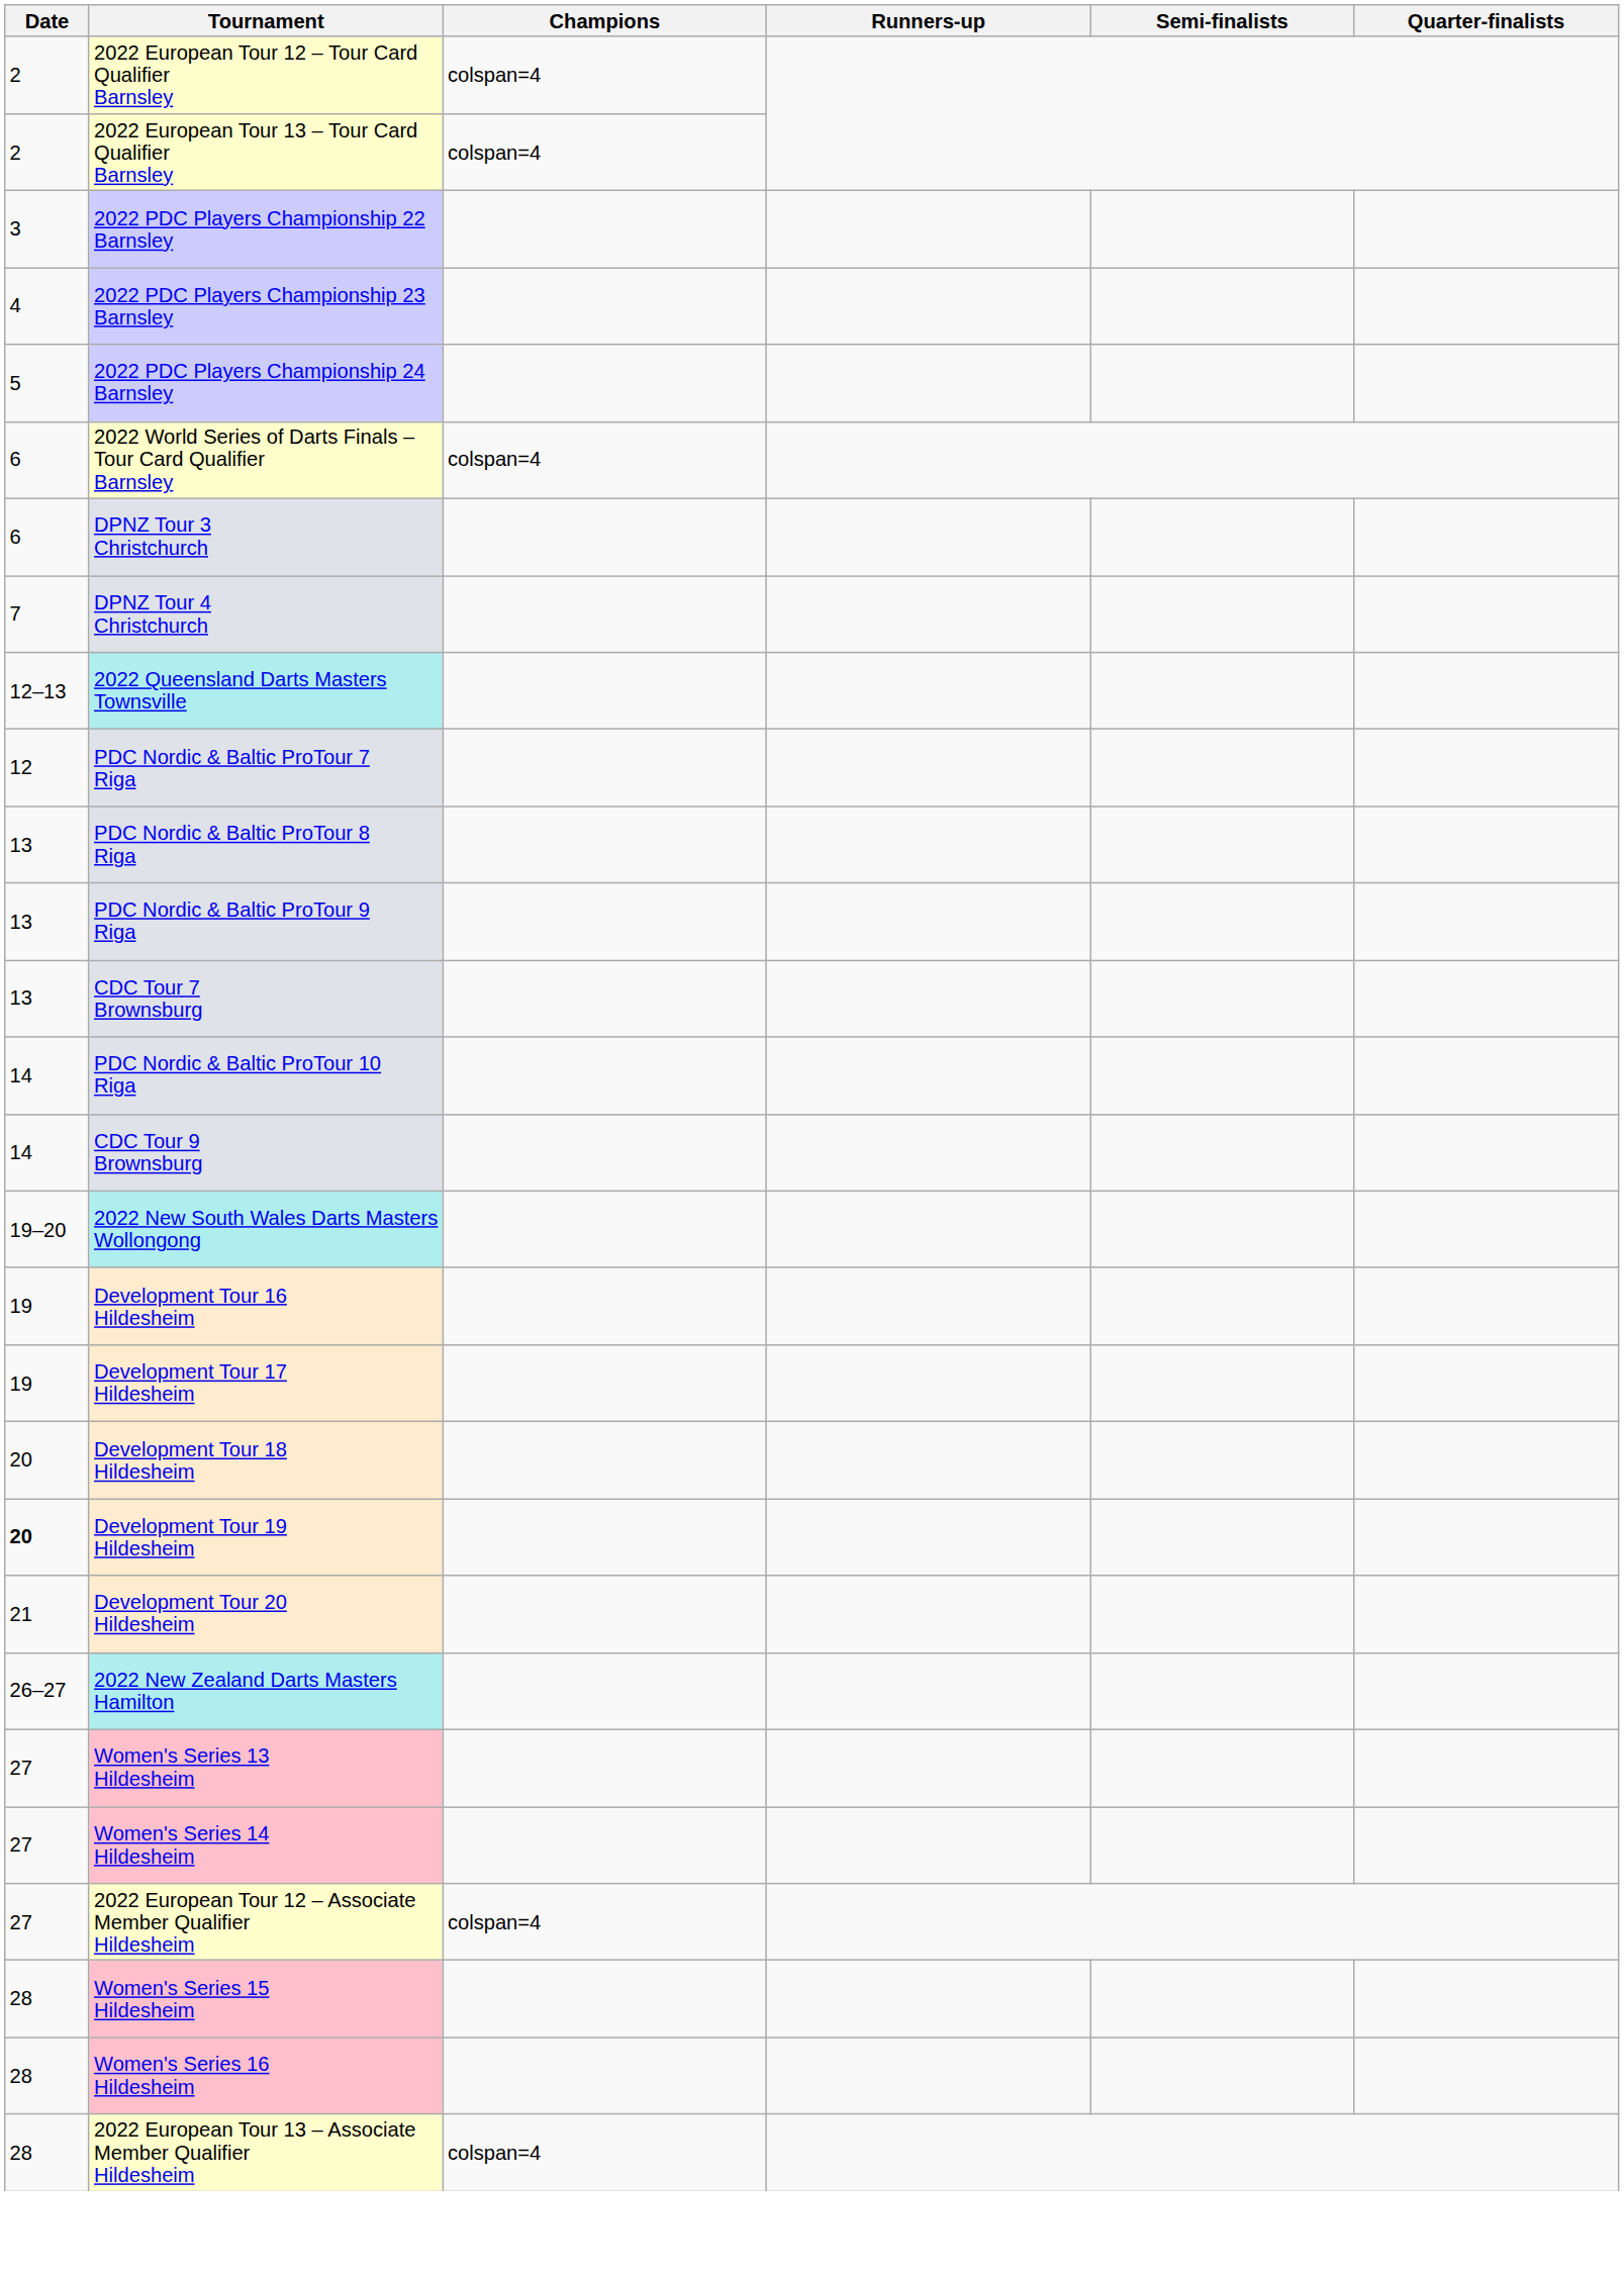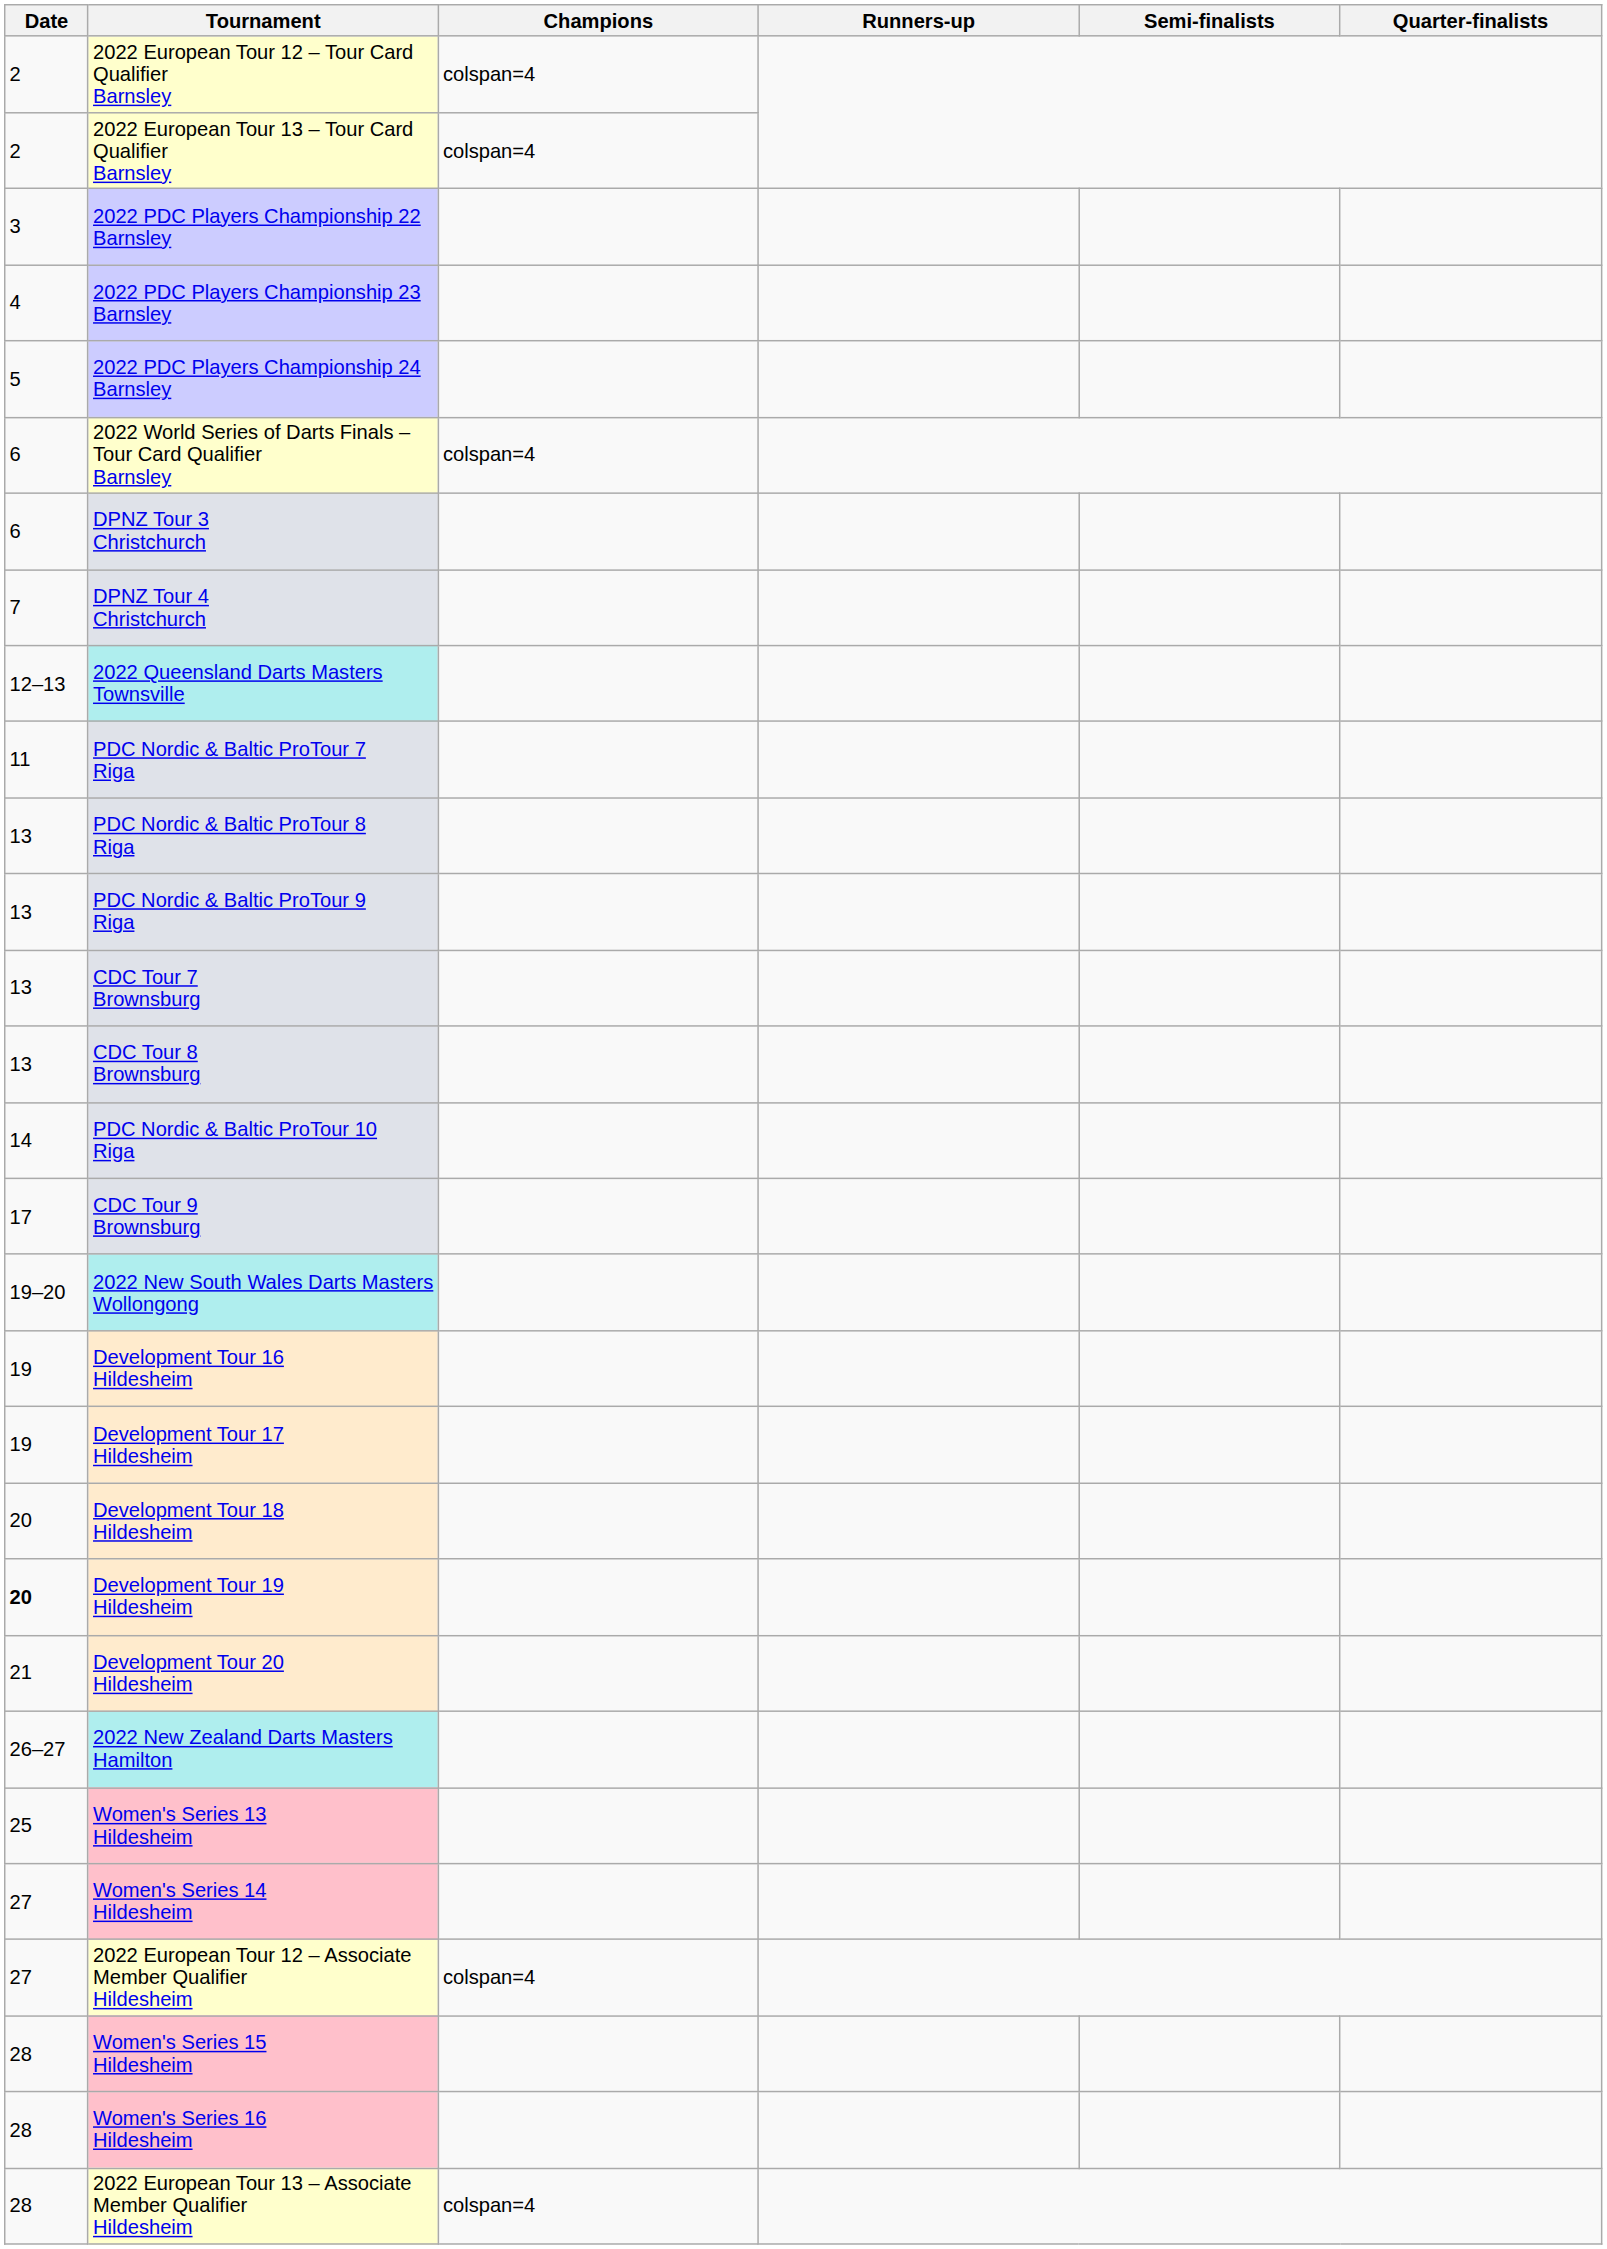 <table class=wikitable style=font-size:85%>
 <tr>
 <th width=50>Date</th>
 <th width=230>Tournament</th>
 <th width=210>Champions</th>
 <th width=210>Runners-up</th>
 <th width=170>Semi-finalists</th>
 <th width=170>Quarter-finalists</th>
 </tr>
 <tr>
 <td>2</td>
 <td bgcolor="ffffcc">2022 European Tour 12 – Tour Card Qualifier <br> <a href='#'>Barnsley</a></td>
 <td>colspan=4 </td>
 </tr>
 <tr>
 <td>2</td>
 <td bgcolor="ffffcc">2022 European Tour 13 – Tour Card Qualifier <br> <a href='#'>Barnsley</a></td>
 <td>colspan=4 </td>
 </tr>
 <tr>
 <td>3</td>
 <td bgcolor="#ccccff"><a href='#'>2022 PDC Players Championship 22</a> <br>  <a href='#'>Barnsley</a></td>
 <td></td>
 <td></td>
 <td> <br> </td>
 <td> <br>  <br>  <br> </td>
 </tr>
 <tr>
 <td>4</td>
 <td bgcolor="#ccccff"><a href='#'>2022 PDC Players Championship 23</a> <br>  <a href='#'>Barnsley</a></td>
 <td></td>
 <td></td>
 <td> <br> </td>
 <td> <br>  <br>  <br> </td>
 </tr>
 <tr>
 <td>5</td>
 <td bgcolor="#ccccff"><a href='#'>2022 PDC Players Championship 24</a> <br>  <a href='#'>Barnsley</a></td>
 <td></td>
 <td></td>
 <td> <br> </td>
 <td> <br>  <br>  <br> </td>
 </tr>
 <tr>
 <td>6</td>
 <td bgcolor="ffffcc">2022 World Series of Darts Finals – Tour Card Qualifier <br> <a href='#'>Barnsley</a></td>
 <td>colspan=4 </td>
 </tr>
 <tr>
 <td>6</td>
 <td bgcolor="#dfe2e9"><a href='#'>DPNZ Tour 3</a> <br>  <a href='#'>Christchurch</a></td>
 <td></td>
 <td></td>
 <td> <br> </td>
 <td> <br>  <br>  <br> </td>
 </tr>
 <tr>
 <td>7</td>
 <td bgcolor="#dfe2e9"><a href='#'>DPNZ Tour 4</a> <br>  <a href='#'>Christchurch</a></td>
 <td></td>
 <td></td>
 <td> <br> </td>
 <td> <br>  <br>  <br> </td>
 </tr>
 <tr>
 <td>12–13</td>
 <td bgcolor="#afeeee"><a href='#'>2022 Queensland Darts Masters</a> <br>  <a href='#'>Townsville</a></td>
 <td></td>
 <td></td>
 <td> <br> </td>
 <td> <br>  <br>  <br> </td>
 </tr>
 <tr>
-<td>12</td>
+<td>11</td>
 <td bgcolor="#dfe2e9"><a href='#'>PDC Nordic & Baltic ProTour 7</a> <br>  <a href='#'>Riga</a></td>
 <td></td>
 <td></td>
 <td> <br> </td>
 <td> <br>  <br>  <br> </td>
 </tr>
 <tr>
 <td>13</td>
 <td bgcolor="#dfe2e9"><a href='#'>PDC Nordic & Baltic ProTour 8</a> <br>  <a href='#'>Riga</a></td>
 <td></td>
 <td></td>
 <td> <br> </td>
 <td> <br>  <br>  <br> </td>
 </tr>
 <tr>
 <td>13</td>
 <td bgcolor="#dfe2e9"><a href='#'>PDC Nordic & Baltic ProTour 9</a> <br>  <a href='#'>Riga</a></td>
 <td></td>
 <td></td>
 <td> <br> </td>
 <td> <br>  <br>  <br> </td>
 </tr>
 <tr>
 <td>13</td>
 <td bgcolor="#dfe2e9"><a href='#'>CDC Tour 7</a> <br>  <a href='#'>Brownsburg</a></td>
 <td></td>
 <td></td>
 <td> <br> </td>
 <td> <br>  <br>  <br> </td>
 </tr>
 <tr>
+<td>13</td>
+<td bgcolor="#dfe2e9"><a href='#'>CDC Tour 8</a> <br>  <a href='#'>Brownsburg</a></td>
+<td></td>
+<td></td>
+<td> <br> </td>
+<td> <br>  <br>  <br> </td>
+</tr>
+<tr>
 <td>14</td>
 <td bgcolor="#dfe2e9"><a href='#'>PDC Nordic & Baltic ProTour 10</a> <br>  <a href='#'>Riga</a></td>
 <td></td>
 <td></td>
 <td> <br> </td>
 <td> <br>  <br>  <br> </td>
 </tr>
 <tr>
-<td>14</td>
+<td>17</td>
 <td bgcolor="#dfe2e9"><a href='#'>CDC Tour 9</a> <br>  <a href='#'>Brownsburg</a></td>
 <td></td>
 <td></td>
 <td> <br> </td>
 <td> <br>  <br>  <br> </td>
 </tr>
 <tr>
 <td>19–20</td>
 <td bgcolor="#afeeee"><a href='#'>2022 New South Wales Darts Masters</a> <br>  <a href='#'>Wollongong</a></td>
 <td></td>
 <td></td>
 <td> <br> </td>
 <td> <br>  <br>  <br> </td>
 </tr>
 <tr>
 <td>19</td>
 <td bgcolor="#ffebcd"><a href='#'>Development Tour 16</a> <br>  <a href='#'>Hildesheim</a></td>
 <td></td>
 <td></td>
 <td> <br> </td>
 <td> <br>  <br>  <br> </td>
 </tr>
 <tr>
 <td>19</td>
 <td bgcolor="#ffebcd"><a href='#'>Development Tour 17</a> <br>  <a href='#'>Hildesheim</a></td>
 <td></td>
 <td></td>
 <td> <br> </td>
 <td> <br>  <br>  <br> </td>
 </tr>
 <tr>
 <td>20</td>
 <td bgcolor="#ffebcd"><a href='#'>Development Tour 18</a> <br>  <a href='#'>Hildesheim</a></td>
 <td></td>
 <td></td>
 <td> <br> </td>
 <td> <br>  <br>  <br> </td>
 </tr>
 <tr>
 <td><strong>20</strong></td>
 <td bgcolor="#ffebcd"><a href='#'>Development Tour 19</a> <br>  <a href='#'>Hildesheim</a></td>
 <td></td>
 <td></td>
 <td> <br> </td>
 <td> <br>  <br>  <br> </td>
 </tr>
 <tr>
 <td>21</td>
 <td bgcolor="#ffebcd"><a href='#'>Development Tour 20</a> <br>  <a href='#'>Hildesheim</a></td>
 <td></td>
 <td></td>
 <td> <br> </td>
 <td> <br>  <br>  <br> </td>
 </tr>
 <tr>
 <td>26–27</td>
 <td bgcolor="#afeeee"><a href='#'>2022 New Zealand Darts Masters</a> <br>  <a href='#'>Hamilton</a></td>
 <td></td>
 <td></td>
 <td> <br> </td>
 <td> <br>  <br>  <br> </td>
 </tr>
 <tr>
-<td>27</td>
+<td>25</td>
 <td bgcolor="#ffc0cb"><a href='#'>Women's Series 13</a> <br>  <a href='#'>Hildesheim</a></td>
 <td></td>
 <td></td>
 <td> <br> </td>
 <td> <br>  <br>  <br> </td>
 </tr>
 <tr>
 <td>27</td>
 <td bgcolor="#ffc0cb"><a href='#'>Women's Series 14</a> <br>  <a href='#'>Hildesheim</a></td>
 <td></td>
 <td></td>
 <td> <br> </td>
 <td> <br>  <br>  <br> </td>
 </tr>
 <tr>
 <td>27</td>
 <td bgcolor="ffffcc">2022 European Tour 12 – Associate Member Qualifier <br> <a href='#'>Hildesheim</a></td>
 <td>colspan=4 </td>
 </tr>
 <tr>
 <td>28</td>
 <td bgcolor="#ffc0cb"><a href='#'>Women's Series 15</a> <br>  <a href='#'>Hildesheim</a></td>
 <td></td>
 <td></td>
 <td> <br> </td>
 <td> <br>  <br>  <br> </td>
 </tr>
 <tr>
 <td>28</td>
 <td bgcolor="#ffc0cb"><a href='#'>Women's Series 16</a> <br>  <a href='#'>Hildesheim</a></td>
 <td></td>
 <td></td>
 <td> <br> </td>
 <td> <br>  <br>  <br> </td>
 </tr>
 <tr>
 <td>28</td>
 <td bgcolor="ffffcc">2022 European Tour 13 – Associate Member Qualifier <br> <a href='#'>Hildesheim</a></td>
 <td>colspan=4 </td>
 </tr>
 </table>
